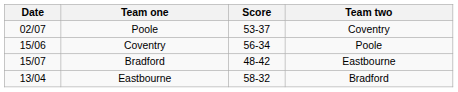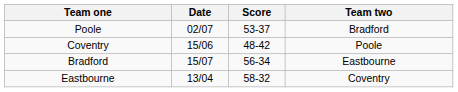 <table class="wikitable" style="text-align: center">
 <tr>
+<th width=250>Team one</th>
 <th width=80>Date</th>
-<th width=250>Team one</th>
 <th width=80>Score</th>
 <th width=250>Team two</th>
 </tr>
 <tr>
+<td>Poole</td>
 <td>02/07</td>
-<td>Poole</td>
 <td>53-37</td>
-<td>Coventry</td>
+<td>Bradford</td>
 </tr>
 <tr>
+<td>Coventry</td>
 <td>15/06</td>
-<td>Coventry</td>
-<td>56-34</td>
+<td>48-42</td>
 <td>Poole</td>
 </tr>
 <tr>
+<td>Bradford</td>
 <td>15/07</td>
-<td>Bradford</td>
-<td>48-42</td>
+<td>56-34</td>
 <td>Eastbourne</td>
 </tr>
 <tr>
+<td>Eastbourne</td>
 <td>13/04</td>
-<td>Eastbourne</td>
 <td>58-32</td>
-<td>Bradford</td>
+<td>Coventry</td>
 </tr>
 </table>
